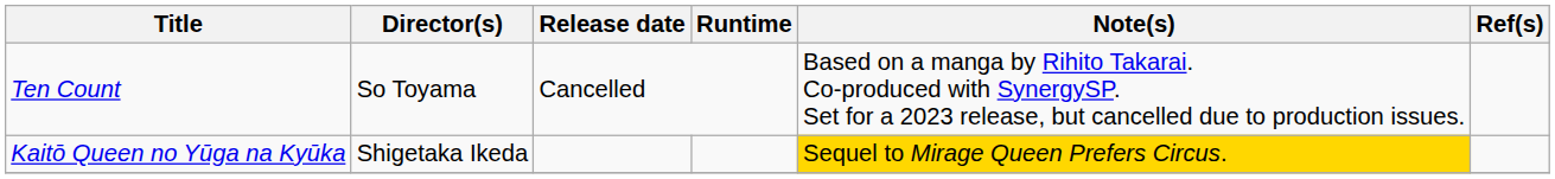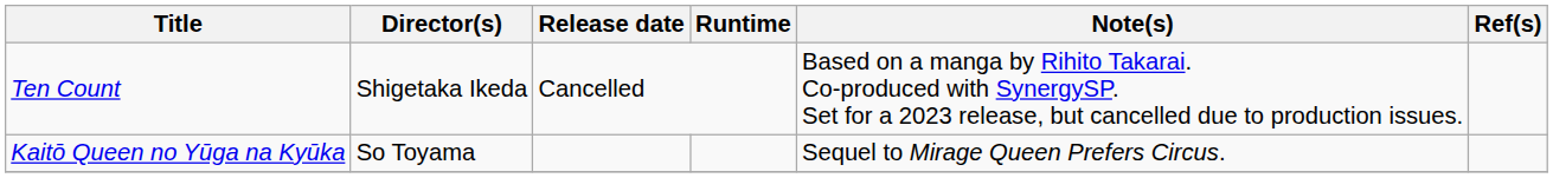 <table class="wikitable sortable">
 <tr>
 <th scope="col">Title</th>
 <th scope="col">Director(s)</th>
 <th scope="col">Release date</th>
 <th scope="col">Runtime</th>
 <th scope="col" class="unsortable">Note(s)</th>
 <th scope="col" class="unsortable">Ref(s)</th>
 </tr>
 <tr>
 <td><em><a href='#'>Ten Count</a></em></td>
-<td>So Toyama</td>
+<td>Shigetaka Ikeda</td>
 <td colspan="2">Cancelled</td>
 <td>Based on a manga by <a href='#'>Rihito Takarai</a>.<br>Co-produced with <a href='#'>SynergySP</a>.<br>Set for a 2023 release, but cancelled due to production issues.</td>
 <td style="text-align:center"></td>
 </tr>
 <tr>
 <td><em><a href='#'>Kaitō Queen no Yūga na Kyūka</a></em></td>
-<td>Shigetaka Ikeda</td>
+<td>So Toyama</td>
 <td></td>
 <td></td>
-<td style="background: gold;">Sequel to <em>Mirage Queen Prefers Circus</em>.</td>
+<td>Sequel to <em>Mirage Queen Prefers Circus</em>.</td>
 <td style="text-align:center"></td>
 </tr>
 <tr>
 </tr>
 </table>
